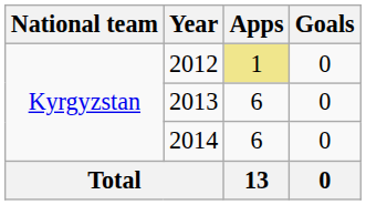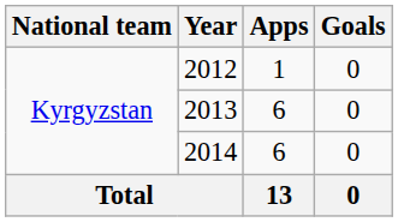 <table class="wikitable" style="text-align:center">
 <tr>
 <th>National team</th>
 <th>Year</th>
 <th>Apps</th>
 <th>Goals</th>
 </tr>
 <tr>
 <td rowspan="3"><a href='#'>Kyrgyzstan</a></td>
 <td>2012</td>
-<td style="background: khaki;">1</td>
+<td>1</td>
 <td>0</td>
 </tr>
 <tr>
 <td>2013</td>
 <td>6</td>
 <td>0</td>
 </tr>
 <tr>
 <td>2014</td>
 <td>6</td>
 <td>0</td>
 </tr>
 <tr>
 <th colspan="2">Total</th>
 <th>13</th>
 <th>0</th>
 </tr>
 </table>
